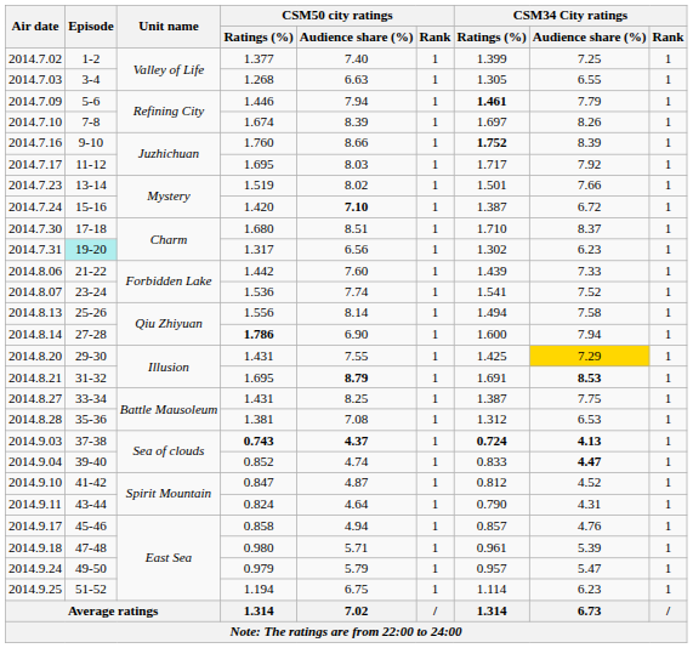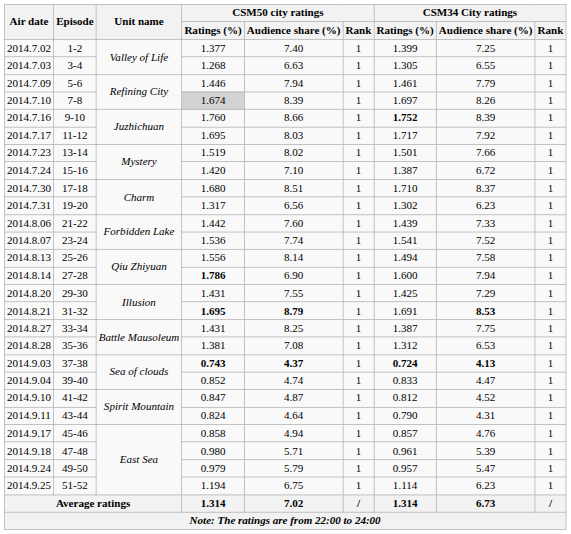 <table class="wikitable sortable mw-collapsible jquery-tablesorter" style="text-align:center">
 <tr>
 <th rowspan="2">Air date</th>
 <th rowspan="2">Episode</th>
 <th rowspan="2">Unit name</th>
 <th colspan="3" rowspan="1">CSM50 city ratings</th>
 <th colspan="3" rowspan="1">CSM34 City ratings</th>
 </tr>
 <tr>
 <th colspan="1" rowspan="1">Ratings (%)</th>
 <th rowspan="1">Audience share (%)</th>
 <th rowspan="1">Rank</th>
 <th>Ratings (%)</th>
 <th>Audience share (%)</th>
 <th>Rank</th>
 </tr>
 <tr>
 <td>2014.7.02</td>
 <td>1-2</td>
 <td colspan="1" rowspan="2"><em>Valley of Life</em></td>
 <td>1.377</td>
 <td>7.40</td>
 <td>1</td>
 <td>1.399</td>
 <td>7.25</td>
 <td>1</td>
 </tr>
 <tr>
 <td>2014.7.03</td>
 <td>3-4</td>
 <td>1.268</td>
 <td>6.63</td>
 <td>1</td>
 <td>1.305</td>
 <td>6.55</td>
 <td>1</td>
 </tr>
 <tr>
 <td>2014.7.09</td>
 <td>5-6</td>
 <td colspan="1" rowspan="2"><em>Refining City</em></td>
 <td>1.446</td>
 <td>7.94</td>
 <td>1</td>
-<td><strong>1.461</strong></td>
+<td>1.461</td>
 <td>7.79</td>
 <td>1</td>
 </tr>
 <tr>
 <td>2014.7.10</td>
 <td>7-8</td>
-<td>1.674</td>
+<td style="background: lightgrey;">1.674</td>
 <td>8.39</td>
 <td>1</td>
 <td>1.697</td>
 <td>8.26</td>
 <td>1</td>
 </tr>
 <tr>
 <td>2014.7.16</td>
 <td>9-10</td>
 <td colspan="1" rowspan="2"><em>Juzhichuan</em></td>
 <td>1.760</td>
 <td>8.66</td>
 <td>1</td>
 <td><strong><span>1.752</span></strong></td>
 <td>8.39</td>
 <td>1</td>
 </tr>
 <tr>
 <td>2014.7.17</td>
 <td>11-12</td>
 <td>1.695</td>
 <td>8.03</td>
 <td>1</td>
 <td>1.717</td>
 <td>7.92</td>
 <td>1</td>
 </tr>
 <tr>
 <td>2014.7.23</td>
 <td>13-14</td>
 <td colspan="1" rowspan="2"><em>Mystery</em></td>
 <td>1.519</td>
 <td>8.02</td>
 <td>1</td>
 <td>1.501</td>
 <td>7.66</td>
 <td>1</td>
 </tr>
 <tr>
 <td>2014.7.24</td>
 <td>15-16</td>
 <td>1.420</td>
-<td><strong>7.10</strong></td>
+<td>7.10</td>
 <td>1</td>
 <td>1.387</td>
 <td>6.72</td>
 <td>1</td>
 </tr>
 <tr>
 <td>2014.7.30</td>
 <td>17-18</td>
 <td colspan="1" rowspan="2"><em>Charm</em></td>
 <td>1.680</td>
 <td>8.51</td>
 <td>1</td>
 <td>1.710</td>
 <td>8.37</td>
 <td>1</td>
 </tr>
 <tr>
 <td>2014.7.31</td>
-<td style="background: paleturquoise;">19-20</td>
+<td>19-20</td>
 <td>1.317</td>
 <td>6.56</td>
 <td>1</td>
 <td>1.302</td>
 <td>6.23</td>
 <td>1</td>
 </tr>
 <tr>
 <td>2014.8.06</td>
 <td>21-22</td>
 <td colspan="1" rowspan="2"><em>Forbidden Lake</em></td>
 <td>1.442</td>
 <td>7.60</td>
 <td>1</td>
 <td>1.439</td>
 <td>7.33</td>
 <td>1</td>
 </tr>
 <tr>
 <td>2014.8.07</td>
 <td>23-24</td>
 <td>1.536</td>
 <td>7.74</td>
 <td>1</td>
 <td>1.541</td>
 <td>7.52</td>
 <td>1</td>
 </tr>
 <tr>
 <td>2014.8.13</td>
 <td>25-26</td>
 <td colspan="1" rowspan="2"><em>Qiu Zhiyuan</em></td>
 <td>1.556</td>
 <td>8.14</td>
 <td>1</td>
 <td>1.494</td>
 <td>7.58</td>
 <td>1</td>
 </tr>
 <tr>
 <td>2014.8.14</td>
 <td>27-28</td>
 <td><strong><span>1.786</span></strong></td>
 <td>6.90</td>
 <td>1</td>
 <td>1.600</td>
 <td>7.94</td>
 <td>1</td>
 </tr>
 <tr>
 <td>2014.8.20</td>
 <td>29-30</td>
 <td colspan="1" rowspan="2"><em>Illusion</em></td>
 <td>1.431</td>
 <td>7.55</td>
 <td>1</td>
 <td>1.425</td>
-<td style="background: gold;">7.29</td>
+<td>7.29</td>
 <td>1</td>
 </tr>
 <tr>
 <td>2014.8.21</td>
 <td>31-32</td>
-<td>1.695</td>
+<td><strong>1.695</strong></td>
 <td><strong><span>8.79</span></strong></td>
 <td>1</td>
 <td>1.691</td>
 <td><strong><span>8.53</span></strong></td>
 <td>1</td>
 </tr>
 <tr>
 <td>2014.8.27</td>
 <td>33-34</td>
 <td colspan="1" rowspan="2"><em>Battle Mausoleum</em></td>
 <td>1.431</td>
 <td>8.25</td>
 <td>1</td>
 <td>1.387</td>
 <td>7.75</td>
 <td>1</td>
 </tr>
 <tr>
 <td colspan="1">2014.8.28</td>
 <td>35-36</td>
 <td>1.381</td>
 <td>7.08</td>
 <td>1</td>
 <td>1.312</td>
 <td>6.53</td>
 <td>1</td>
 </tr>
 <tr>
 <td>2014.9.03</td>
 <td>37-38</td>
 <td colspan="1" rowspan="2"><em>Sea of clouds</em></td>
 <td><strong><span>0.743</span></strong></td>
 <td><strong><span>4.37</span></strong></td>
 <td>1</td>
 <td><strong><span>0.724</span></strong></td>
 <td><strong><span>4.13</span></strong></td>
 <td>1</td>
 </tr>
 <tr>
 <td>2014.9.04</td>
 <td>39-40</td>
 <td>0.852</td>
 <td>4.74</td>
 <td>1</td>
 <td>0.833</td>
-<td><strong>4.47</strong></td>
+<td>4.47</td>
 <td>1</td>
 </tr>
 <tr>
 <td>2014.9.10</td>
 <td>41-42</td>
 <td colspan="1" rowspan="2"><em>Spirit Mountain</em></td>
 <td>0.847</td>
 <td>4.87</td>
 <td>1</td>
 <td>0.812</td>
 <td>4.52</td>
 <td>1</td>
 </tr>
 <tr>
 <td>2014.9.11</td>
 <td>43-44</td>
 <td>0.824</td>
 <td>4.64</td>
 <td>1</td>
 <td>0.790</td>
 <td>4.31</td>
 <td>1</td>
 </tr>
 <tr>
 <td>2014.9.17</td>
 <td>45-46</td>
 <td colspan="1" rowspan="4"><em>East Sea</em></td>
 <td>0.858</td>
 <td>4.94</td>
 <td>1</td>
 <td>0.857</td>
 <td>4.76</td>
 <td>1</td>
 </tr>
 <tr>
 <td>2014.9.18</td>
 <td>47-48</td>
 <td>0.980</td>
 <td>5.71</td>
 <td>1</td>
 <td>0.961</td>
 <td>5.39</td>
 <td>1</td>
 </tr>
 <tr>
 <td>2014.9.24</td>
 <td>49-50</td>
 <td>0.979</td>
 <td>5.79</td>
 <td>1</td>
 <td>0.957</td>
 <td>5.47</td>
 <td>1</td>
 </tr>
 <tr>
 <td>2014.9.25</td>
 <td>51-52</td>
 <td>1.194</td>
 <td>6.75</td>
 <td>1</td>
 <td>1.114</td>
 <td>6.23</td>
 <td>1</td>
 </tr>
 <tr>
 <th colspan="3" rowspan="1">Average ratings</th>
 <th>1.314</th>
 <th>7.02</th>
 <th>/</th>
 <th colspan="1" rowspan="1">1.314</th>
 <th colspan="1" rowspan="1">6.73</th>
 <th colspan="1" rowspan="1">/</th>
 </tr>
 <tr>
 <th colspan="9" rowspan="1"><em>Note: The ratings are from 22:00 to 24:00</em></th>
 </tr>
 </table>
